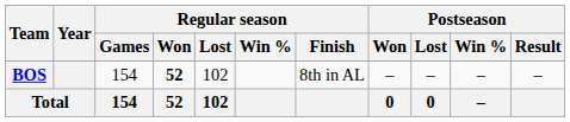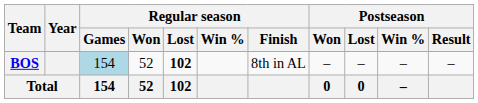 <table class="wikitable" style="font-size: 95%; text-align:center;">
 <tr>
 <th rowspan="2">Team</th>
 <th rowspan="2">Year</th>
 <th colspan="5">Regular season</th>
 <th colspan="4">Postseason</th>
 </tr>
 <tr>
 <th>Games</th>
 <th>Won</th>
 <th>Lost</th>
 <th>Win %</th>
 <th>Finish</th>
 <th>Won</th>
 <th>Lost</th>
 <th>Win %</th>
 <th>Result</th>
 </tr>
 <tr>
 </tr>
 <tr>
 <th><a href='#'>BOS</a></th>
 <th></th>
-<td>154</td>
-<td><strong>52</strong></td>
-<td>102</td>
+<td style="background: lightblue;">154</td>
+<td>52</td>
+<td><strong>102</strong></td>
 <td></td>
 <td>8th in AL</td>
 <td>–</td>
 <td>–</td>
 <td>–</td>
 <td>–</td>
 </tr>
 <tr>
 <th colspan="2">Total</th>
 <th>154</th>
 <th>52</th>
 <th>102</th>
 <th></th>
 <th></th>
 <th>0</th>
 <th>0</th>
 <th>–</th>
 <th></th>
 </tr>
 </table>
